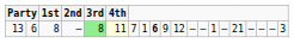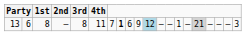 <table class="wikitable" style="text-align:right;">
 <tr>
 <th colspan=2>Party</th>
 <th>1st</th>
 <th>2nd</th>
 <th>3rd</th>
 <th>4th</th>
 </tr>
 <tr>
 <td>13</td>
 <td>6</td>
 <td>8</td>
 <td>–<br></td>
-<td style="background: lightgreen;">8</td>
-<td style="background: lightyellow;">11</td>
+<td>8</td>
+<td>11</td>
 <td>7</td>
-<td>1<br></td>
-<td><strong>6</strong></td>
+<td><strong>1<br></strong></td>
+<td>6</td>
 <td>9</td>
-<td>12</td>
+<td style="background: lightblue;">12</td>
 <td>–<br></td>
 <td>–</td>
 <td>1</td>
 <td>–</td>
-<td>21<br></td>
+<td style="background: lightgrey;">21<br></td>
 <td>–</td>
 <td>–</td>
 <td>–</td>
 <td>3</td>
 </tr>
 </table>
